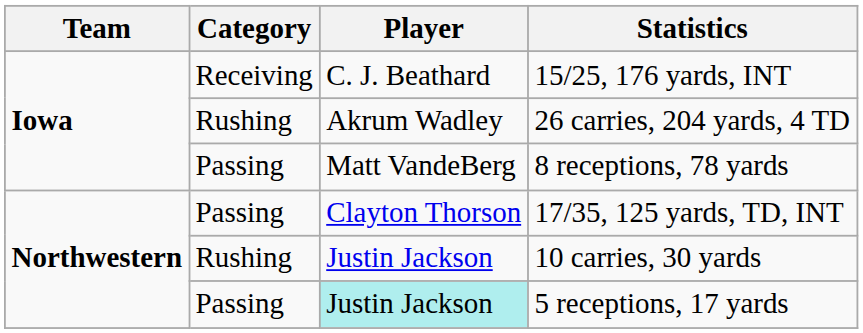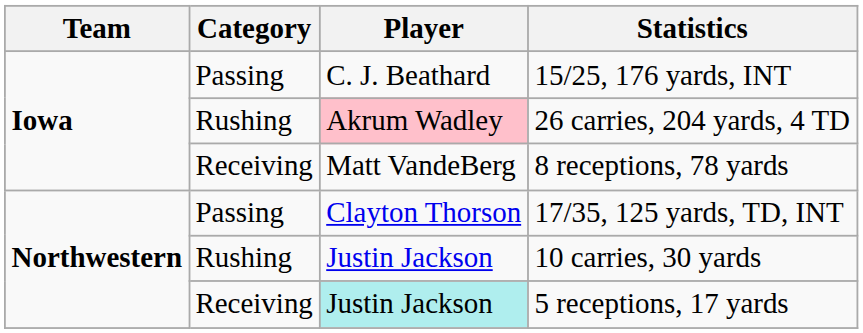 <table class="wikitable" style="float: left;">
 <tr>
 <th>Team</th>
 <th>Category</th>
 <th>Player</th>
 <th>Statistics</th>
 </tr>
 <tr>
 <td rowspan=3><strong>Iowa</strong></td>
-<td>Receiving</td>
+<td>Passing</td>
 <td>C. J. Beathard</td>
 <td>15/25, 176 yards, INT</td>
 </tr>
 <tr>
 <td>Rushing</td>
-<td>Akrum Wadley</td>
+<td style="background: pink;">Akrum Wadley</td>
 <td>26 carries, 204 yards, 4 TD</td>
 </tr>
 <tr>
-<td>Passing</td>
+<td>Receiving</td>
 <td>Matt VandeBerg</td>
 <td>8 receptions, 78 yards</td>
 </tr>
 <tr>
 <td rowspan=3><strong>Northwestern</strong></td>
 <td>Passing</td>
 <td><a href='#'>Clayton Thorson</a></td>
 <td>17/35, 125 yards, TD, INT</td>
 </tr>
 <tr>
 <td>Rushing</td>
 <td><a href='#'>Justin Jackson</a></td>
 <td>10 carries, 30 yards</td>
 </tr>
 <tr>
-<td>Passing</td>
+<td>Receiving</td>
 <td style="background: paleturquoise;">Justin Jackson</td>
 <td>5 receptions, 17 yards</td>
 </tr>
 </table>
